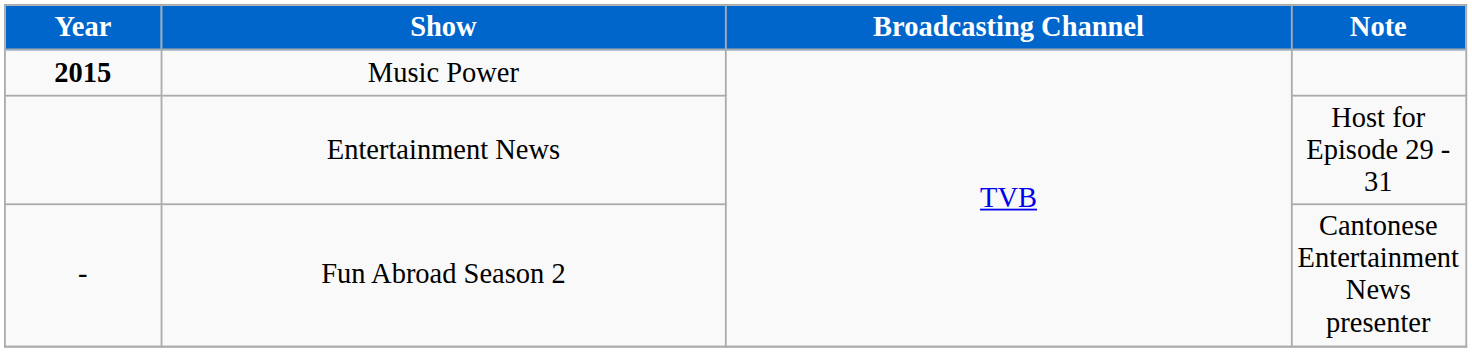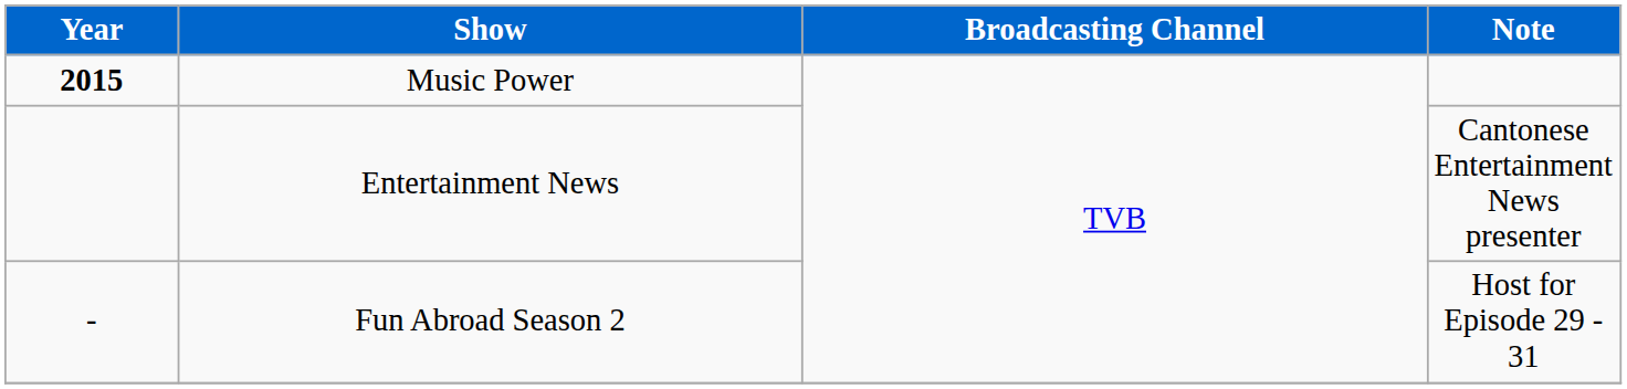 <table class="wikitable" width="65%">
 <tr>
 <th style="background:#0066CC; color:white" align="left" width="100px">Year</th>
 <th style="background:#0066CC; color:white" align="left" width="400px">Show</th>
 <th style="background:#0066CC; color:white" align="left" width="400px">Broadcasting Channel</th>
 <th style="background:#0066CC; color:white" align="left" width="90px">Note</th>
 </tr>
 <tr align = "center">
 <td><strong>2015</strong></td>
 <td>Music Power</td>
 <td rowspan = "3"><a href='#'>TVB</a></td>
 <td></td>
 </tr>
 <tr align = "center">
 <td></td>
 <td>Entertainment News</td>
-<td>Host for Episode 29 - 31</td>
+<td>Cantonese Entertainment News presenter</td>
 </tr>
 <tr align = "center">
 <td> - </td>
 <td>Fun Abroad Season 2</td>
-<td>Cantonese Entertainment News presenter</td>
+<td>Host for Episode 29 - 31</td>
 </tr>
 <tr align = "center">
 </tr>
 </table>
